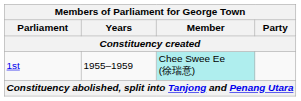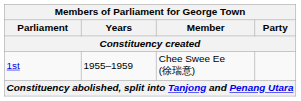 <table class="wikitable">
 <tr>
 <th colspan="4">Members of Parliament for George Town</th>
 </tr>
 <tr>
 <th>Parliament</th>
 <th>Years</th>
 <th>Member</th>
 <th>Party</th>
 </tr>
 <tr>
 <th colspan="4"><em>Constituency created</em></th>
 </tr>
 <tr>
 <td><a href='#'>1st</a></td>
 <td>1955–1959</td>
-<td style="background: paleturquoise;">Chee Swee Ee  <br> (徐瑞意)</td>
+<td>Chee Swee Ee  <br> (徐瑞意)</td>
 <td></td>
 </tr>
 <tr>
 <th colspan="4"><em>Constituency abolished, split into <a href='#'>Tanjong</a> and <a href='#'>Penang Utara</a></em></th>
 </tr>
 </table>
